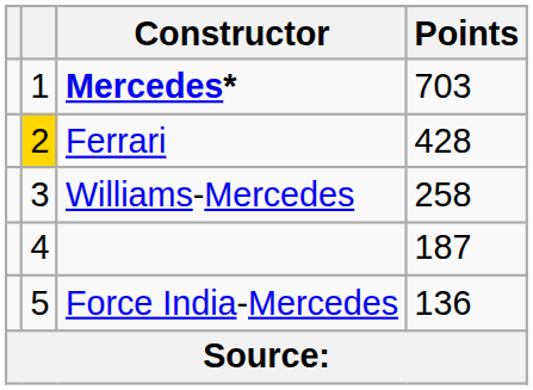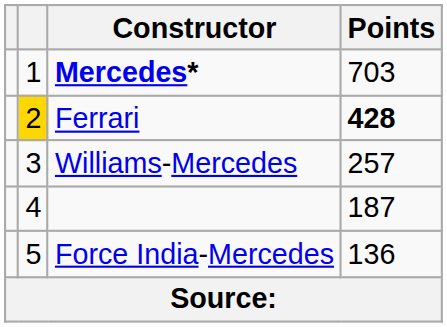 <table class="wikitable" style="font-size: 85%;">
 <tr>
 <th></th>
 <th></th>
 <th>Constructor</th>
 <th>Points</th>
 </tr>
 <tr>
 <td align="left"></td>
 <td align="center">1</td>
 <td> <strong><a href='#'>Mercedes</a>*</strong></td>
 <td align="left">703</td>
 </tr>
 <tr>
 <td align="left"></td>
 <td align="center" style="background: gold;">2</td>
 <td> <a href='#'>Ferrari</a></td>
-<td align="left">428</td>
+<td align="left"><strong>428</strong></td>
 </tr>
 <tr>
 <td align="left"></td>
 <td align="center">3</td>
 <td> <a href='#'>Williams</a>-<a href='#'>Mercedes</a></td>
-<td align="left">258</td>
+<td align="left">257</td>
 </tr>
 <tr>
 <td align="left"></td>
 <td align="center">4</td>
 <td></td>
 <td align="left">187</td>
 </tr>
 <tr>
 <td align="left"></td>
 <td align="center">5</td>
 <td> <a href='#'>Force India</a>-<a href='#'>Mercedes</a></td>
 <td align="left">136</td>
 </tr>
 <tr>
 <th colspan=4>Source: </th>
 </tr>
 </table>
